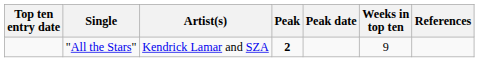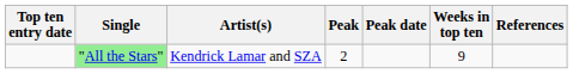 <table class="wikitable sortable">
 <tr>
 <th>Top ten<br>entry date</th>
 <th>Single</th>
 <th>Artist(s)</th>
 <th data-sort-type="number">Peak</th>
 <th>Peak date</th>
 <th data-sort-type="number">Weeks in<br>top ten</th>
 <th>References</th>
 </tr>
 <tr>
 <td></td>
-<td>"<a href='#'>All the Stars</a>"</td>
+<td style="background: lightgreen;">"<a href='#'>All the Stars</a>"</td>
 <td><a href='#'>Kendrick Lamar</a> and <a href='#'>SZA</a></td>
-<td style="text-align:center;"><strong>2</strong></td>
+<td style="text-align:center;">2</td>
 <td></td>
 <td style="text-align:center;">9</td>
 <td></td>
 </tr>
 </table>
